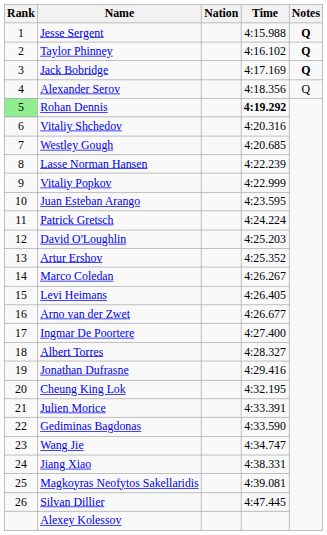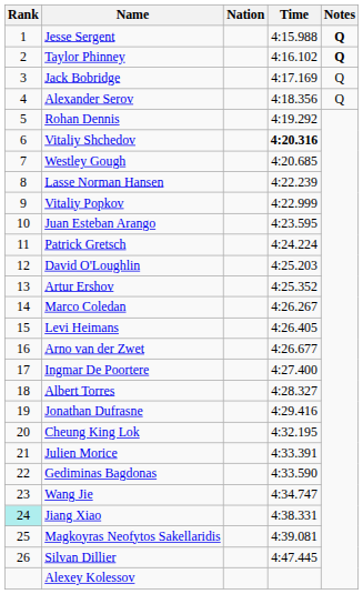 <table class="wikitable sortable" style="text-align:center">
 <tr>
 <th>Rank</th>
 <th>Name</th>
 <th>Nation</th>
 <th>Time</th>
 <th>Notes</th>
 </tr>
 <tr>
 <td>1</td>
 <td align=left><a href='#'>Jesse Sergent</a></td>
 <td align=left></td>
 <td>4:15.988</td>
 <td><strong>Q</strong></td>
 </tr>
 <tr>
 <td>2</td>
 <td align=left><a href='#'>Taylor Phinney</a></td>
 <td align=left></td>
 <td>4:16.102</td>
 <td><strong>Q</strong></td>
 </tr>
 <tr>
 <td>3</td>
 <td align=left><a href='#'>Jack Bobridge</a></td>
 <td align=left></td>
 <td>4:17.169</td>
-<td><strong>Q</strong></td>
+<td>Q</td>
 </tr>
 <tr>
 <td>4</td>
 <td align=left><a href='#'>Alexander Serov</a></td>
 <td align=left></td>
 <td>4:18.356</td>
 <td>Q</td>
 </tr>
 <tr>
-<td style="background: lightgreen;">5</td>
+<td>5</td>
 <td align=left><a href='#'>Rohan Dennis</a></td>
 <td align=left></td>
-<td><strong>4:19.292</strong></td>
+<td>4:19.292</td>
 </tr>
 <tr>
 <td>6</td>
 <td align=left><a href='#'>Vitaliy Shchedov</a></td>
 <td align=left></td>
-<td>4:20.316</td>
+<td><strong>4:20.316</strong></td>
 </tr>
 <tr>
 <td>7</td>
 <td align=left><a href='#'>Westley Gough</a></td>
 <td align=left></td>
 <td>4:20.685</td>
 </tr>
 <tr>
 <td>8</td>
 <td align=left><a href='#'>Lasse Norman Hansen</a></td>
 <td align=left></td>
 <td>4:22.239</td>
 </tr>
 <tr>
 <td>9</td>
 <td align=left><a href='#'>Vitaliy Popkov</a></td>
 <td align=left></td>
 <td>4:22.999</td>
 </tr>
 <tr>
 <td>10</td>
 <td align=left><a href='#'>Juan Esteban Arango</a></td>
 <td align=left></td>
 <td>4:23.595</td>
 </tr>
 <tr>
 <td>11</td>
 <td align=left><a href='#'>Patrick Gretsch</a></td>
 <td align=left></td>
 <td>4:24.224</td>
 </tr>
 <tr>
 <td>12</td>
 <td align=left><a href='#'>David O'Loughlin</a></td>
 <td align=left></td>
 <td>4:25.203</td>
 </tr>
 <tr>
 <td>13</td>
 <td align=left><a href='#'>Artur Ershov</a></td>
 <td align=left></td>
 <td>4:25.352</td>
 </tr>
 <tr>
 <td>14</td>
 <td align=left><a href='#'>Marco Coledan</a></td>
 <td align=left></td>
 <td>4:26.267</td>
 </tr>
 <tr>
 <td>15</td>
 <td align=left><a href='#'>Levi Heimans</a></td>
 <td align=left></td>
 <td>4:26.405</td>
 </tr>
 <tr>
 <td>16</td>
 <td align=left><a href='#'>Arno van der Zwet</a></td>
 <td align=left></td>
 <td>4:26.677</td>
 </tr>
 <tr>
 <td>17</td>
 <td align=left><a href='#'>Ingmar De Poortere</a></td>
 <td align=left></td>
 <td>4:27.400</td>
 </tr>
 <tr>
 <td>18</td>
 <td align=left><a href='#'>Albert Torres</a></td>
 <td align=left></td>
 <td>4:28.327</td>
 </tr>
 <tr>
 <td>19</td>
 <td align=left><a href='#'>Jonathan Dufrasne</a></td>
 <td align=left></td>
 <td>4:29.416</td>
 </tr>
 <tr>
 <td>20</td>
 <td align=left><a href='#'>Cheung King Lok</a></td>
 <td align=left></td>
 <td>4:32.195</td>
 </tr>
 <tr>
 <td>21</td>
 <td align=left><a href='#'>Julien Morice</a></td>
 <td align=left></td>
 <td>4:33.391</td>
 </tr>
 <tr>
 <td>22</td>
 <td align=left><a href='#'>Gediminas Bagdonas</a></td>
 <td align=left></td>
 <td>4:33.590</td>
 </tr>
 <tr>
 <td>23</td>
 <td align=left><a href='#'>Wang Jie</a></td>
 <td align=left></td>
 <td>4:34.747</td>
 </tr>
 <tr>
-<td>24</td>
+<td style="background: paleturquoise;">24</td>
 <td align=left><a href='#'>Jiang Xiao</a></td>
 <td align=left></td>
 <td>4:38.331</td>
 </tr>
 <tr>
 <td>25</td>
 <td align=left><a href='#'>Magkoyras Neofytos Sakellaridis</a></td>
 <td align=left></td>
 <td>4:39.081</td>
 </tr>
 <tr>
 <td>26</td>
 <td align=left><a href='#'>Silvan Dillier</a></td>
 <td align=left></td>
 <td>4:47.445</td>
 </tr>
 <tr>
 <td></td>
 <td align=left><a href='#'>Alexey Kolessov</a></td>
 <td align=left></td>
 <td></td>
 </tr>
 </table>
